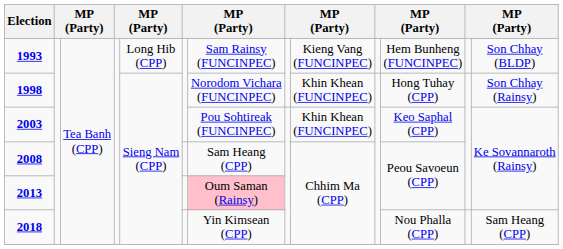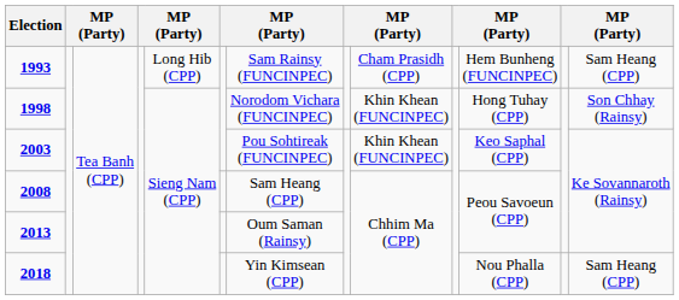 <table class="wikitable" style="text-align:center">
 <tr>
 <th>Election</th>
 <th colspan=2>MP<br>(Party)</th>
 <th colspan=2>MP<br>(Party)</th>
 <th colspan=2>MP<br>(Party)</th>
 <th colspan=2>MP<br>(Party)</th>
 <th colspan=2>MP<br>(Party)</th>
 <th colspan=2>MP<br>(Party)</th>
 </tr>
 <tr>
 <td><strong><a href='#'>1993</a></strong></td>
 <td rowspan=6; style="background-color: "></td>
 <td rowspan=6><a href='#'>Tea Banh</a><br>(<a href='#'>CPP</a>)</td>
 <td rowspan=6; style="background-color: "></td>
 <td rowspan=1>Long Hib<br>(<a href='#'>CPP</a>)</td>
 <td rowspan=3; style="background-color: "></td>
 <td rowspan=1><a href='#'>Sam Rainsy</a><br>(<a href='#'>FUNCINPEC</a>)</td>
 <td rowspan=2; style="background-color: "></td>
-<td rowspan=1>Kieng Vang<br>(<a href='#'>FUNCINPEC</a>)</td>
+<td rowspan=1><a href='#'>Cham Prasidh</a><br>(<a href='#'>CPP</a>)</td>
 <td rowspan=1; style="background-color: "></td>
 <td rowspan=1>Hem Bunheng<br>(<a href='#'>FUNCINPEC</a>)</td>
 <td rowspan=1; style="background-color: "></td>
-<td rowspan=1><a href='#'>Son Chhay</a><br>(<a href='#'>BLDP</a>)</td>
+<td rowspan=1>Sam Heang<br>(<a href='#'>CPP</a>)</td>
 </tr>
 <tr>
 <td><strong><a href='#'>1998</a></strong></td>
 <td rowspan=5><a href='#'>Sieng Nam</a><br>(<a href='#'>CPP</a>)</td>
 <td rowspan=1><a href='#'>Norodom Vichara</a><br>(<a href='#'>FUNCINPEC</a>)</td>
 <td rowspan=1>Khin Khean<br>(<a href='#'>FUNCINPEC</a>)</td>
 <td rowspan=5; style="background-color: "></td>
 <td rowspan=1>Hong Tuhay<br>(<a href='#'>CPP</a>)</td>
 <td rowspan=4; style="background-color: "></td>
 <td rowspan=1><a href='#'>Son Chhay</a><br>(<a href='#'>Rainsy</a>)</td>
 </tr>
 <tr>
 <td><strong><a href='#'>2003</a></strong></td>
 <td rowspan=1><a href='#'>Pou Sohtireak</a><br>(<a href='#'>FUNCINPEC</a>)</td>
 <td rowspan=4; style="background-color: "></td>
 <td rowspan=1>Khin Khean<br>(<a href='#'>FUNCINPEC</a>)</td>
 <td rowspan=1><a href='#'>Keo Saphal</a><br>(<a href='#'>CPP</a>)</td>
 <td rowspan=3><a href='#'>Ke Sovannaroth</a><br>(<a href='#'>Rainsy</a>)</td>
 </tr>
 <tr>
 <td><strong><a href='#'>2008</a></strong></td>
 <td rowspan=1; style="background-color: "></td>
 <td rowspan=1>Sam Heang<br>(<a href='#'>CPP</a>)</td>
 <td rowspan=3>Chhim Ma<br>(<a href='#'>CPP</a>)</td>
 <td rowspan=2>Peou Savoeun<br>(<a href='#'>CPP</a>)</td>
 </tr>
 <tr>
 <td><strong><a href='#'>2013</a></strong></td>
 <td rowspan=1; style="background-color: "></td>
-<td rowspan=1 style="background: pink;">Oum Saman<br>(<a href='#'>Rainsy</a>)</td>
+<td rowspan=1>Oum Saman<br>(<a href='#'>Rainsy</a>)</td>
 </tr>
 <tr>
 <td><strong><a href='#'>2018</a></strong></td>
 <td rowspan=1; style="background-color: "></td>
 <td rowspan=1>Yin Kimsean<br>(<a href='#'>CPP</a>)</td>
 <td rowspan=1>Nou Phalla<br>(<a href='#'>CPP</a>)</td>
 <td rowspan=1; style="background-color: "></td>
 <td rowspan=1>Sam Heang<br>(<a href='#'>CPP</a>)</td>
 </tr>
 </table>
